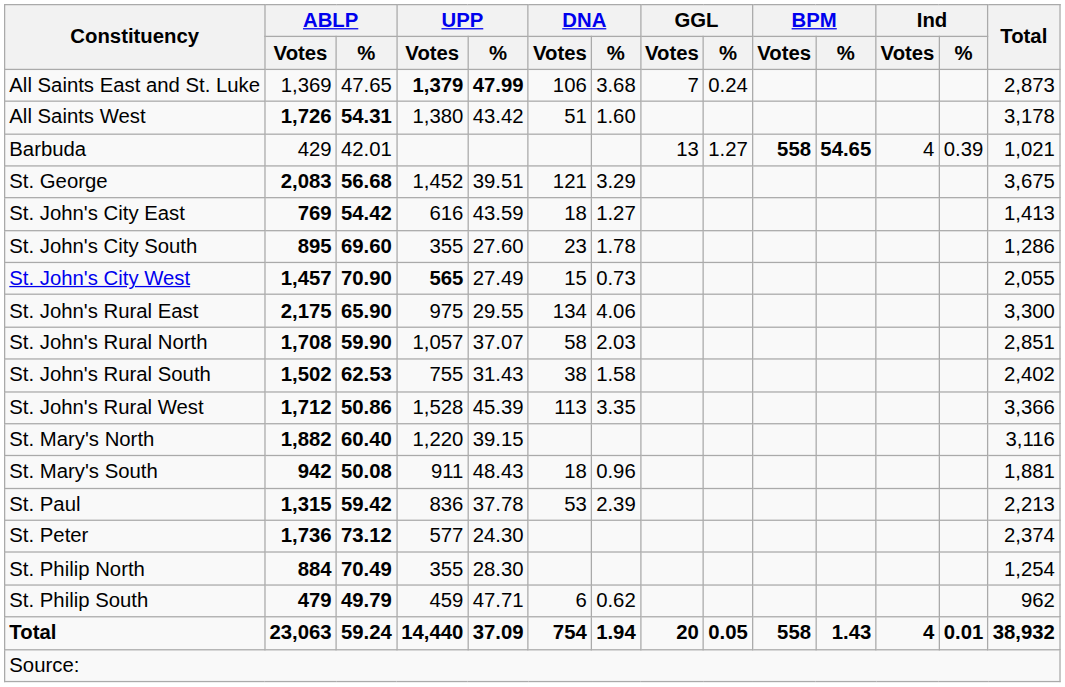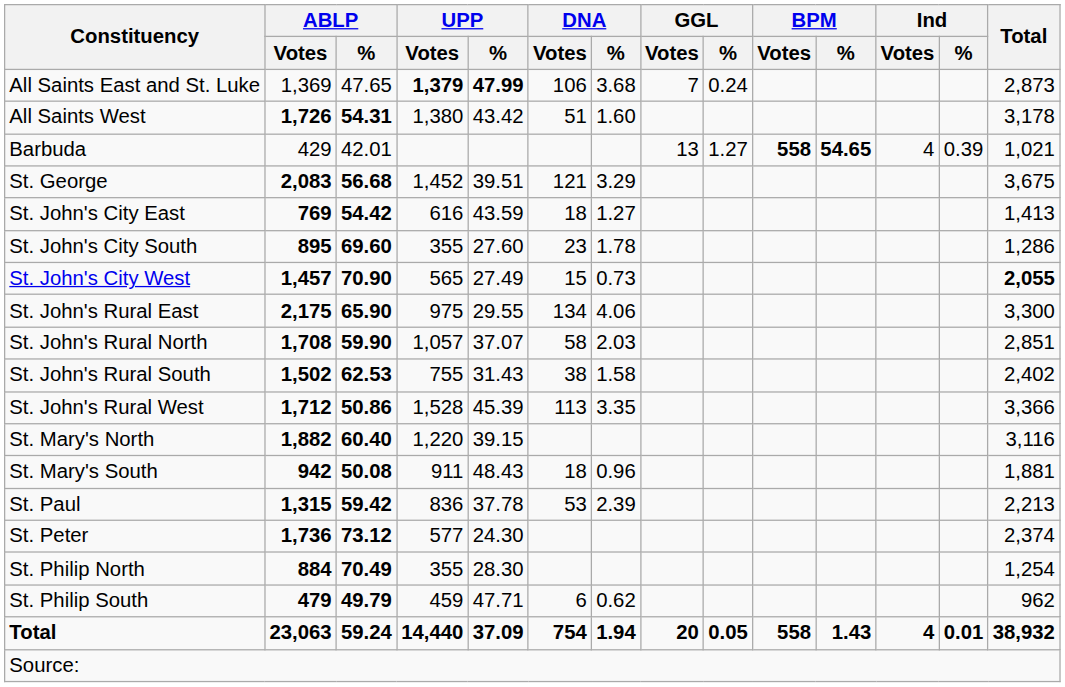 <table class="wikitable sortable" style=text-align:right>
 <tr>
 <th rowspan=2>Constituency</th>
 <th colspan=2><a href='#'>ABLP</a></th>
 <th colspan=2><a href='#'>UPP</a></th>
 <th colspan=2><a href='#'>DNA</a></th>
 <th colspan=2>GGL</th>
 <th colspan=2><a href='#'>BPM</a></th>
 <th colspan=2>Ind</th>
 <th rowspan=2>Total</th>
 </tr>
 <tr>
 <th>Votes</th>
 <th>%</th>
 <th>Votes</th>
 <th>%</th>
 <th>Votes</th>
 <th>%</th>
 <th>Votes</th>
 <th>%</th>
 <th>Votes</th>
 <th>%</th>
 <th>Votes</th>
 <th>%</th>
 </tr>
 <tr>
 <td align=left>All Saints East and St. Luke</td>
 <td>1,369</td>
 <td>47.65</td>
 <td><strong>1,379</strong></td>
 <td><strong>47.99</strong></td>
 <td>106</td>
 <td>3.68</td>
 <td>7</td>
 <td>0.24</td>
 <td></td>
 <td></td>
 <td></td>
 <td></td>
 <td>2,873</td>
 </tr>
 <tr>
 <td align=left>All Saints West</td>
 <td><strong>1,726</strong></td>
 <td><strong>54.31</strong></td>
 <td>1,380</td>
 <td>43.42</td>
 <td>51</td>
 <td>1.60</td>
 <td></td>
 <td></td>
 <td></td>
 <td></td>
 <td></td>
 <td></td>
 <td>3,178</td>
 </tr>
 <tr>
 <td align=left>Barbuda</td>
 <td>429</td>
 <td>42.01</td>
 <td></td>
 <td></td>
 <td></td>
 <td></td>
 <td>13</td>
 <td>1.27</td>
 <td><strong>558</strong></td>
 <td><strong>54.65</strong></td>
 <td>4</td>
 <td>0.39</td>
 <td>1,021</td>
 </tr>
 <tr>
 <td align=left>St. George</td>
 <td><strong>2,083</strong></td>
 <td><strong>56.68</strong></td>
 <td>1,452</td>
 <td>39.51</td>
 <td>121</td>
 <td>3.29</td>
 <td></td>
 <td></td>
 <td></td>
 <td></td>
 <td></td>
 <td></td>
 <td>3,675</td>
 </tr>
 <tr>
 <td align=left>St. John's City East</td>
 <td><strong>769</strong></td>
 <td><strong>54.42</strong></td>
 <td>616</td>
 <td>43.59</td>
 <td>18</td>
 <td>1.27</td>
 <td></td>
 <td></td>
 <td></td>
 <td></td>
 <td></td>
 <td></td>
 <td>1,413</td>
 </tr>
 <tr>
 <td align=left>St. John's City South</td>
 <td><strong>895</strong></td>
 <td><strong>69.60</strong></td>
 <td>355</td>
 <td>27.60</td>
 <td>23</td>
 <td>1.78</td>
 <td></td>
 <td></td>
 <td></td>
 <td></td>
 <td></td>
 <td></td>
 <td>1,286</td>
 </tr>
 <tr>
 <td align=left><a href='#'>St. John's City West</a></td>
 <td><strong>1,457</strong></td>
 <td><strong>70.90</strong></td>
-<td><strong>565</strong></td>
+<td>565</td>
 <td>27.49</td>
 <td>15</td>
 <td>0.73</td>
 <td></td>
 <td></td>
 <td></td>
 <td></td>
 <td></td>
 <td></td>
-<td>2,055</td>
+<td><strong>2,055</strong></td>
 </tr>
 <tr>
 <td align=left>St. John's Rural East</td>
 <td><strong>2,175</strong></td>
 <td><strong>65.90</strong></td>
 <td>975</td>
 <td>29.55</td>
 <td>134</td>
 <td>4.06</td>
 <td></td>
 <td></td>
 <td></td>
 <td></td>
 <td></td>
 <td></td>
 <td>3,300</td>
 </tr>
 <tr>
 <td align=left>St. John's Rural North</td>
 <td><strong>1,708</strong></td>
 <td><strong>59.90</strong></td>
 <td>1,057</td>
 <td>37.07</td>
 <td>58</td>
 <td>2.03</td>
 <td></td>
 <td></td>
 <td></td>
 <td></td>
 <td></td>
 <td></td>
 <td>2,851</td>
 </tr>
 <tr>
 <td align=left>St. John's Rural South</td>
 <td><strong>1,502</strong></td>
 <td><strong>62.53</strong></td>
 <td>755</td>
 <td>31.43</td>
 <td>38</td>
 <td>1.58</td>
 <td></td>
 <td></td>
 <td></td>
 <td></td>
 <td></td>
 <td></td>
 <td>2,402</td>
 </tr>
 <tr>
 <td align=left>St. John's Rural West</td>
 <td><strong>1,712</strong></td>
 <td><strong>50.86</strong></td>
 <td>1,528</td>
 <td>45.39</td>
 <td>113</td>
 <td>3.35</td>
 <td></td>
 <td></td>
 <td></td>
 <td></td>
 <td></td>
 <td></td>
 <td>3,366</td>
 </tr>
 <tr>
 <td align=left>St. Mary's North</td>
 <td><strong>1,882</strong></td>
 <td><strong>60.40</strong></td>
 <td>1,220</td>
 <td>39.15</td>
 <td></td>
 <td></td>
 <td></td>
 <td></td>
 <td></td>
 <td></td>
 <td></td>
 <td></td>
 <td>3,116</td>
 </tr>
 <tr>
 <td align=left>St. Mary's South</td>
 <td><strong>942</strong></td>
 <td><strong>50.08</strong></td>
 <td>911</td>
 <td>48.43</td>
 <td>18</td>
 <td>0.96</td>
 <td></td>
 <td></td>
 <td></td>
 <td></td>
 <td></td>
 <td></td>
 <td>1,881</td>
 </tr>
 <tr>
 <td align=left>St. Paul</td>
 <td><strong>1,315</strong></td>
 <td><strong>59.42</strong></td>
 <td>836</td>
 <td>37.78</td>
 <td>53</td>
 <td>2.39</td>
 <td></td>
 <td></td>
 <td></td>
 <td></td>
 <td></td>
 <td></td>
 <td>2,213</td>
 </tr>
 <tr>
 <td align=left>St. Peter</td>
 <td><strong>1,736</strong></td>
 <td><strong>73.12</strong></td>
 <td>577</td>
 <td>24.30</td>
 <td></td>
 <td></td>
 <td></td>
 <td></td>
 <td></td>
 <td></td>
 <td></td>
 <td></td>
 <td>2,374</td>
 </tr>
 <tr>
 <td align=left>St. Philip North</td>
 <td><strong>884</strong></td>
 <td><strong>70.49</strong></td>
 <td>355</td>
 <td>28.30</td>
 <td></td>
 <td></td>
 <td></td>
 <td></td>
 <td></td>
 <td></td>
 <td></td>
 <td></td>
 <td>1,254</td>
 </tr>
 <tr>
 <td align=left>St. Philip South</td>
 <td><strong>479</strong></td>
 <td><strong>49.79</strong></td>
 <td>459</td>
 <td>47.71</td>
 <td>6</td>
 <td>0.62</td>
 <td></td>
 <td></td>
 <td></td>
 <td></td>
 <td></td>
 <td></td>
 <td>962</td>
 </tr>
 <tr style=font-weight:bold>
 <td align=left>Total</td>
 <td>23,063</td>
 <td>59.24</td>
 <td>14,440</td>
 <td>37.09</td>
 <td>754</td>
 <td>1.94</td>
 <td>20</td>
 <td>0.05</td>
 <td>558</td>
 <td>1.43</td>
 <td>4</td>
 <td>0.01</td>
 <td>38,932</td>
 </tr>
 <tr class=sortbottom>
 <td align=left colspan=14>Source: </td>
 </tr>
 </table>
